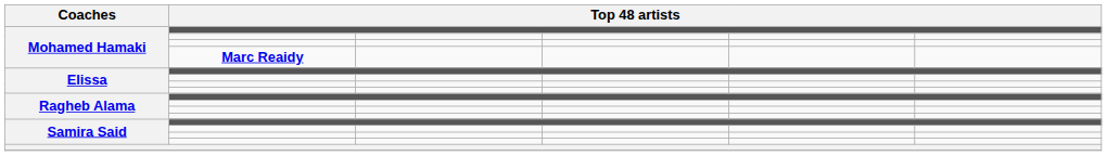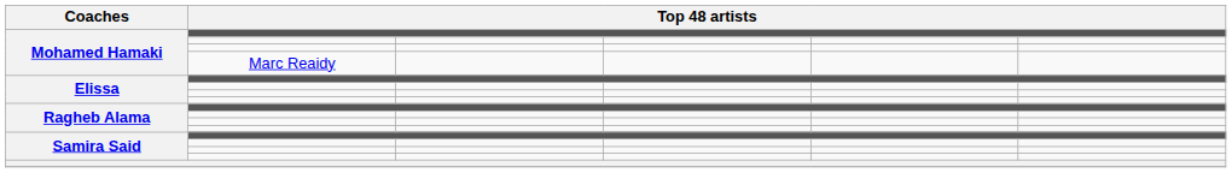 <table class="wikitable" style="text-align:center; width:100%;">
 <tr>
 <th scope="col" style="width:15%;">Coaches</th>
 <th colspan="7" style="width:85%">Top 48 artists</th>
 </tr>
 <tr>
 <th rowspan="4"><a href='#'>Mohamed Hamaki</a></th>
 <td colspan="6" style="background:#555;"></td>
 </tr>
 <tr>
 <td width="17%" style="background:#"></td>
 <td width="17%" style="background:#"></td>
 <td width="17%" style="background:#"></td>
 <td width="17%" style="background:#"></td>
 <td width="17%" style="background:#"></td>
 </tr>
 <tr>
 <td style="background:#"></td>
 <td style="background:#"></td>
 <td style="background:#"></td>
 <td style="background:#"></td>
 <td style="background:#"></td>
 </tr>
 <tr>
-<td style="background:#"><strong><a href='#'>Marc Reaidy</a></strong></td>
+<td style="background:#"><a href='#'>Marc Reaidy</a></td>
 <td style="background:#"></td>
 <td style="background:#"></td>
 <td style="background:#"></td>
 <td style="background:#"></td>
 </tr>
 <tr>
 <th rowspan="4"><a href='#'>Elissa</a></th>
 <td colspan="6" style="background:#555;"></td>
 </tr>
 <tr>
 <td width="17%" style="background:#"></td>
 <td width="17%" style="background:#"></td>
 <td width="17%" style="background:#"></td>
 <td width="17%" style="background:#"></td>
 <td width="17%" style="background:#"></td>
 </tr>
 <tr>
 <td style="background:#"></td>
 <td style="background:#"></td>
 <td style="background:#"></td>
 <td style="background:#"></td>
 <td style="background:#"></td>
 </tr>
 <tr>
 <td style="background:#"></td>
 <td style="background:#"></td>
 <td style="background:#"></td>
 <td style="background:#"></td>
 <td style="background:#"></td>
 </tr>
 <tr>
 <th rowspan="4"><a href='#'>Ragheb Alama</a></th>
 <td colspan="6" style="background:#555;"></td>
 </tr>
 <tr>
 <td width="17%" style="background:#"></td>
 <td width="17%" style="background:#"></td>
 <td width="17%" style="background:#"></td>
 <td width="17%" style="background:#"></td>
 <td width="17%" style="background:#"></td>
 </tr>
 <tr>
 <td style="background:#"></td>
 <td style="background:#"></td>
 <td style="background:#"></td>
 <td style="background:#"></td>
 <td style="background:#"></td>
 </tr>
 <tr>
 <td style="background:#"></td>
 <td style="background:#"></td>
 <td style="background:#"></td>
 <td style="background:#"></td>
 <td style="background:#"></td>
 </tr>
 <tr>
 <th rowspan="4"><a href='#'>Samira Said</a></th>
 <td colspan="6" style="background:#555;"></td>
 </tr>
 <tr>
 <td width="17%" style="background:#"></td>
 <td width="17%" style="background:#"></td>
 <td width="17%" style="background:#"></td>
 <td width="17%" style="background:#"></td>
 <td width="17%" style="background:#"></td>
 </tr>
 <tr>
 <td style="background:#"></td>
 <td style="background:#"></td>
 <td style="background:#"></td>
 <td style="background:#"></td>
 <td style="background:#"></td>
 </tr>
 <tr>
 <td style="background:#"></td>
 <td style="background:#"></td>
 <td style="background:#"></td>
 <td style="background:#"></td>
 <td style="background:#"></td>
 </tr>
 <tr>
 <th style="font-size:90%; line-height:12px;" colspan="7"><small></small></th>
 </tr>
 <tr>
 </tr>
 </table>
